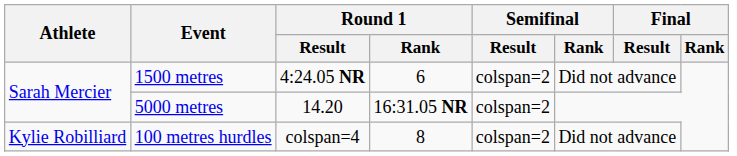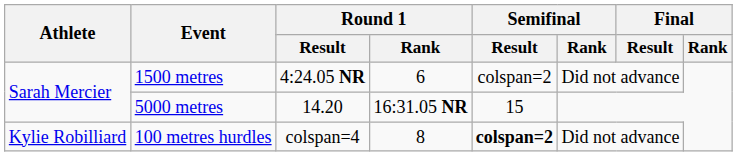 <table class=wikitable style="font-size:90%">
 <tr>
 <th rowspan="2">Athlete</th>
 <th rowspan="2">Event</th>
 <th colspan="2">Round 1</th>
 <th colspan="2">Semifinal</th>
 <th colspan="2">Final</th>
 </tr>
 <tr style="font-size:95%">
 <th>Result</th>
 <th>Rank</th>
 <th>Result</th>
 <th>Rank</th>
 <th>Result</th>
 <th>Rank</th>
 </tr>
 <tr align=center>
 <td align=left rowspan=2><a href='#'>Sarah Mercier</a></td>
 <td align=left><a href='#'>1500 metres</a></td>
 <td>4:24.05 <strong>NR</strong></td>
 <td>6</td>
 <td>colspan=2 </td>
 <td colspan=2>Did not advance</td>
 </tr>
 <tr align=center>
 <td align=left><a href='#'>5000 metres</a></td>
 <td>14.20</td>
 <td>16:31.05  <strong>NR</strong></td>
-<td>colspan=2 </td>
+<td>15</td>
 </tr>
 <tr align=center>
 <td align=left><a href='#'>Kylie Robilliard</a></td>
 <td align=left><a href='#'>100 metres hurdles</a></td>
 <td>colspan=4 </td>
 <td>8</td>
-<td>colspan=2 </td>
+<td><strong>colspan=2 </strong></td>
 <td colspan=2>Did not advance</td>
 </tr>
 </table>
